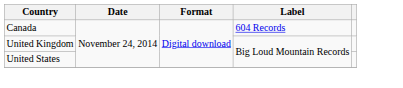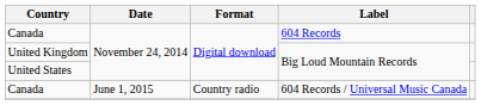 <table class="wikitable">
 <tr>
 <th>Country</th>
 <th>Date</th>
 <th>Format</th>
 <th>Label</th>
 <th></th>
 </tr>
 <tr>
 <td>Canada</td>
 <td rowspan="3">November 24, 2014</td>
 <td rowspan="3"><a href='#'>Digital download</a></td>
 <td><a href='#'>604 Records</a></td>
 <td></td>
 </tr>
 <tr>
 <td>United Kingdom</td>
 <td rowspan="2">Big Loud Mountain Records</td>
 <td></td>
 </tr>
 <tr>
 <td>United States</td>
 <td></td>
 </tr>
 <tr>
+<td>Canada</td>
+<td>June 1, 2015</td>
+<td>Country radio</td>
+<td>604 Records / <a href='#'>Universal Music Canada</a></td>
+<td></td>
+</tr>
+<tr>
 </tr>
 </table>
